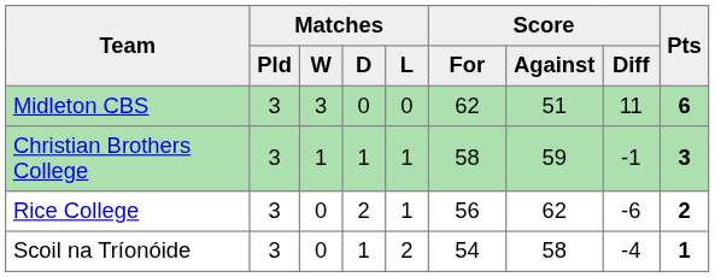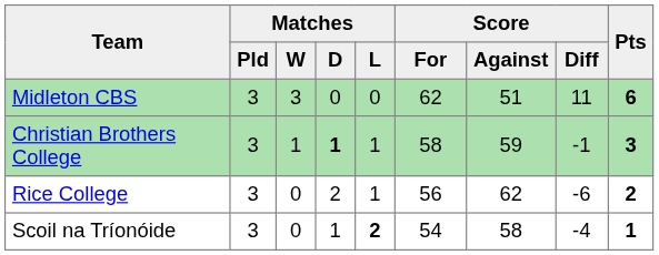 <table style=border-collapse:collapse border=1 cellspacing=0 cellpadding=5>
 <tr align=center bgcolor=#efefef>
 <th rowspan=2 width=165>Team</th>
 <th colspan=4>Matches</th>
 <th colspan=3>Score</th>
 <th rowspan=2width=20>Pts</th>
 </tr>
 <tr align=center bgcolor=#efefef>
 <th width=20>Pld</th>
 <th width=20>W</th>
 <th width=20>D</th>
 <th width=20>L</th>
 <th width=45>For</th>
 <th width=45>Against</th>
 <th width=30>Diff</th>
 </tr>
 <tr align=center style="background:#ACE1AF;">
 <td style="text-align:left;"><a href='#'>Midleton CBS</a></td>
 <td>3</td>
 <td>3</td>
 <td>0</td>
 <td>0</td>
 <td>62</td>
 <td>51</td>
 <td>11</td>
 <td><strong>6</strong></td>
 </tr>
 <tr align=center style="background:#ACE1AF;">
 <td style="text-align:left;"><a href='#'>Christian Brothers College</a></td>
 <td>3</td>
 <td>1</td>
-<td>1</td>
+<td><strong>1</strong></td>
 <td>1</td>
 <td>58</td>
 <td>59</td>
 <td>-1</td>
 <td><strong>3</strong></td>
 </tr>
 <tr align=center>
 <td style="text-align:left;"><a href='#'>Rice College</a></td>
 <td>3</td>
 <td>0</td>
 <td>2</td>
 <td>1</td>
 <td>56</td>
 <td>62</td>
 <td>-6</td>
 <td><strong>2</strong></td>
 </tr>
 <tr align=center>
 <td style="text-align:left;">Scoil na Tríonóide</td>
 <td>3</td>
 <td>0</td>
 <td>1</td>
-<td>2</td>
+<td><strong>2</strong></td>
 <td>54</td>
 <td>58</td>
 <td>-4</td>
 <td><strong>1</strong></td>
 </tr>
 </table>
